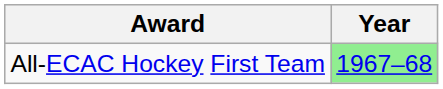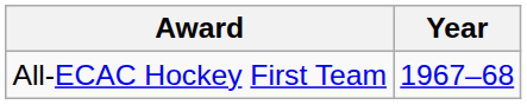 <table class="wikitable">
 <tr>
 <th>Award</th>
 <th>Year</th>
 </tr>
 <tr>
 <td>All-<a href='#'>ECAC Hockey</a> <a href='#'>First Team</a></td>
-<td style="background: lightgreen;"><a href='#'>1967–68</a></td>
+<td><a href='#'>1967–68</a></td>
 </tr>
 </table>
